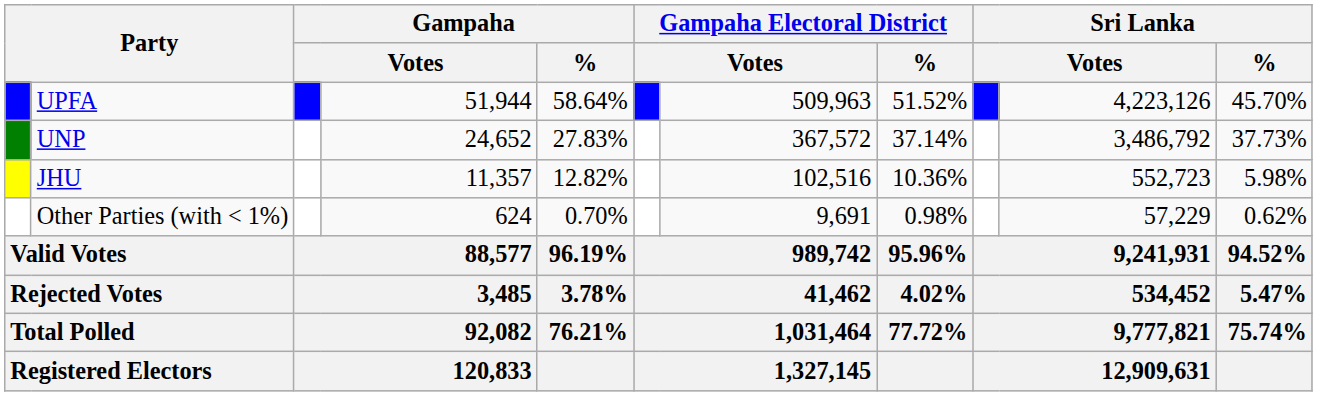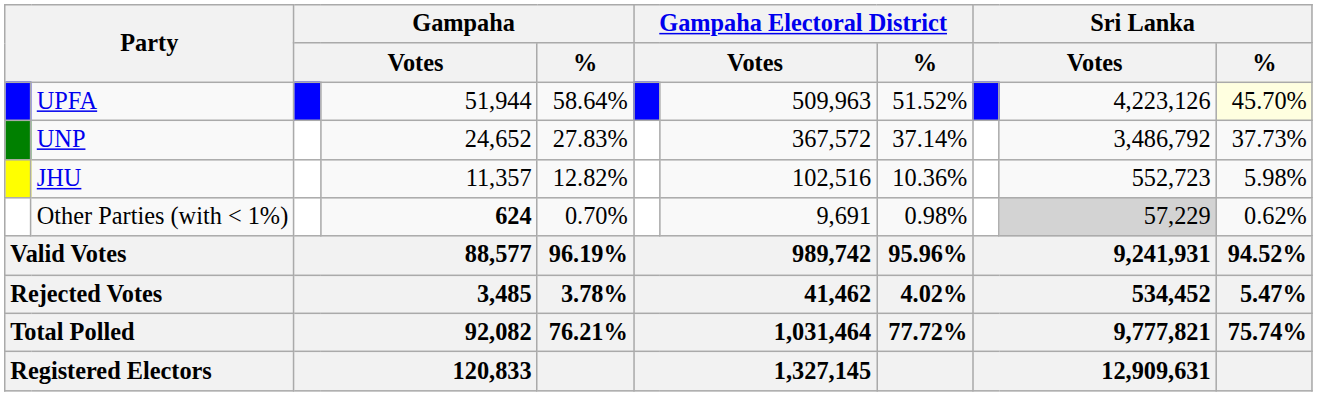 <table class="wikitable">
 <tr>
 <th colspan="2" width="144px"rowspan="2">Party</th>
 <th colspan="3" width="216px">Gampaha</th>
 <th colspan="3" width="216px"><a href='#'>Gampaha Electoral District</a></th>
 <th colspan="3" width="216px">Sri Lanka</th>
 </tr>
 <tr>
 <th colspan="2" width="144px">Votes</th>
 <th>%</th>
 <th colspan="2" width="144px">Votes</th>
 <th>%</th>
 <th colspan="2" width="144px">Votes</th>
 <th>%</th>
 </tr>
 <tr>
 <td style="background-color:blue;" width="10px"></td>
 <td style="text-align:left;"><a href='#'>UPFA</a></td>
 <td style="background-color:blue;" width="10px"></td>
 <td style="text-align:right;">51,944</td>
 <td style="text-align:right;">58.64%</td>
 <td style="background-color:blue;" width="10px"></td>
 <td style="text-align:right;">509,963</td>
 <td style="text-align:right;">51.52%</td>
 <td style="background-color:blue;" width="10px"></td>
 <td style="text-align:right;">4,223,126</td>
-<td style="text-align:right;">45.70%</td>
+<td style="background: lightyellow; text-align:right;">45.70%</td>
 </tr>
 <tr>
 <td style="background-color:green;" width="10px"></td>
 <td style="text-align:left;"><a href='#'>UNP</a></td>
 <td style="background-color:white;" width="10px"></td>
 <td style="text-align:right;">24,652</td>
 <td style="text-align:right;">27.83%</td>
 <td style="background-color:white;" width="10px"></td>
 <td style="text-align:right;">367,572</td>
 <td style="text-align:right;">37.14%</td>
 <td style="background-color:white;" width="10px"></td>
 <td style="text-align:right;">3,486,792</td>
 <td style="text-align:right;">37.73%</td>
 </tr>
 <tr>
 <td style="background-color:yellow;" width="10px"></td>
 <td style="text-align:left;"><a href='#'>JHU</a></td>
 <td style="background-color:white;" width="10px"></td>
 <td style="text-align:right;">11,357</td>
 <td style="text-align:right;">12.82%</td>
 <td style="background-color:white;" width="10px"></td>
 <td style="text-align:right;">102,516</td>
 <td style="text-align:right;">10.36%</td>
 <td style="background-color:white;" width="10px"></td>
 <td style="text-align:right;">552,723</td>
 <td style="text-align:right;">5.98%</td>
 </tr>
 <tr>
 <td style="background-color:white;" width="10px"></td>
 <td style="text-align:left;">Other Parties (with < 1%)</td>
 <td style="background-color:white;" width="10px"></td>
-<td style="text-align:right;">624</td>
+<td style="text-align:right;"><strong>624</strong></td>
 <td style="text-align:right;">0.70%</td>
 <td style="background-color:white;" width="10px"></td>
 <td style="text-align:right;">9,691</td>
 <td style="text-align:right;">0.98%</td>
 <td style="background-color:white;" width="10px"></td>
-<td style="text-align:right;">57,229</td>
+<td style="background: lightgrey; text-align:right;">57,229</td>
 <td style="text-align:right;">0.62%</td>
 </tr>
 <tr>
 <th colspan="2" width="144px"style="text-align:left;">Valid Votes</th>
 <th style="text-align:right;"colspan="2" width="144px">88,577</th>
 <th style="text-align:right;">96.19%</th>
 <th style="text-align:right;"colspan="2" width="144px">989,742</th>
 <th style="text-align:right;">95.96%</th>
 <th style="text-align:right;"colspan="2" width="144px">9,241,931</th>
 <th style="text-align:right;">94.52%</th>
 </tr>
 <tr>
 <th colspan="2" width="144px"style="text-align:left;">Rejected Votes</th>
 <th style="text-align:right;"colspan="2" width="144px">3,485</th>
 <th style="text-align:right;">3.78%</th>
 <th style="text-align:right;"colspan="2" width="144px">41,462</th>
 <th style="text-align:right;">4.02%</th>
 <th style="text-align:right;"colspan="2" width="144px">534,452</th>
 <th style="text-align:right;">5.47%</th>
 </tr>
 <tr>
 <th colspan="2" width="144px"style="text-align:left;">Total Polled</th>
 <th style="text-align:right;"colspan="2" width="144px">92,082</th>
 <th style="text-align:right;">76.21%</th>
 <th style="text-align:right;"colspan="2" width="144px">1,031,464</th>
 <th style="text-align:right;">77.72%</th>
 <th style="text-align:right;"colspan="2" width="144px">9,777,821</th>
 <th style="text-align:right;">75.74%</th>
 </tr>
 <tr>
 <th colspan="2" width="144px"style="text-align:left;">Registered Electors</th>
 <th style="text-align:right;"colspan="2" width="144px">120,833</th>
 <th></th>
 <th style="text-align:right;"colspan="2" width="144px">1,327,145</th>
 <th></th>
 <th style="text-align:right;"colspan="2" width="144px">12,909,631</th>
 <th></th>
 </tr>
 </table>
